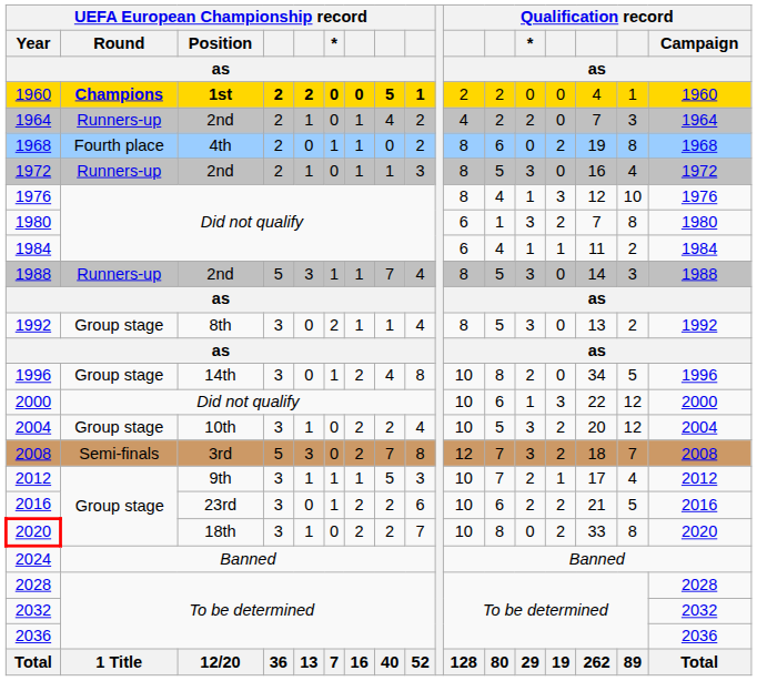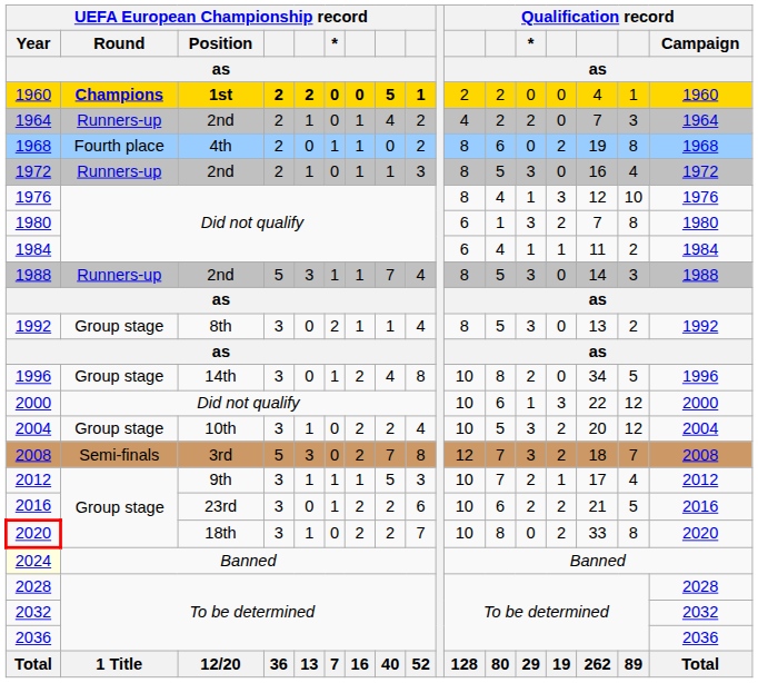 <table class="wikitable" style="text-align: center;">
 <tr>
 <th colspan=9><a href='#'>UEFA European Championship</a> record</th>
 <th style="width:1%;" rowspan="39"></th>
 <th colspan=7><a href='#'>Qualification</a> record</th>
 </tr>
 <tr>
 <th>Year</th>
 <th>Round</th>
 <th>Position</th>
 <th></th>
 <th></th>
 <th>*</th>
 <th></th>
 <th></th>
 <th></th>
 <th></th>
 <th></th>
 <th>*</th>
 <th></th>
 <th></th>
 <th></th>
 <th>Campaign</th>
 </tr>
 <tr>
 <th colspan=9>as </th>
 <th colspan=7>as </th>
 </tr>
 <tr bgcolor="gold">
 <td> <a href='#'>1960</a></td>
 <td><strong><a href='#'>Champions</a></strong></td>
 <td><strong>1st</strong></td>
 <td><strong>2</strong></td>
 <td><strong>2</strong></td>
 <td><strong>0</strong></td>
 <td><strong>0</strong></td>
 <td><strong>5</strong></td>
 <td><strong>1</strong></td>
 <td>2</td>
 <td>2</td>
 <td>0</td>
 <td>0</td>
 <td>4</td>
 <td>1</td>
 <td><a href='#'>1960</a></td>
 </tr>
 <tr bgcolor="silver">
 <td> <a href='#'>1964</a></td>
 <td><a href='#'>Runners-up</a></td>
 <td>2nd</td>
 <td>2</td>
 <td>1</td>
 <td>0</td>
 <td>1</td>
 <td>4</td>
 <td>2</td>
 <td>4</td>
 <td>2</td>
 <td>2</td>
 <td>0</td>
 <td>7</td>
 <td>3</td>
 <td><a href='#'>1964</a></td>
 </tr>
 <tr style="background:#9acdff;">
 <td> <a href='#'>1968</a></td>
 <td>Fourth place</td>
 <td>4th</td>
 <td>2</td>
 <td>0</td>
 <td>1</td>
 <td>1</td>
 <td>0</td>
 <td>2</td>
 <td>8</td>
 <td>6</td>
 <td>0</td>
 <td>2</td>
 <td>19</td>
 <td>8</td>
 <td><a href='#'>1968</a></td>
 </tr>
 <tr bgcolor="silver">
 <td> <a href='#'>1972</a></td>
 <td><a href='#'>Runners-up</a></td>
 <td>2nd</td>
 <td>2</td>
 <td>1</td>
 <td>0</td>
 <td>1</td>
 <td>1</td>
 <td>3</td>
 <td>8</td>
 <td>5</td>
 <td>3</td>
 <td>0</td>
 <td>16</td>
 <td>4</td>
 <td><a href='#'>1972</a></td>
 </tr>
 <tr>
 <td> <a href='#'>1976</a></td>
 <td rowspan=3 colspan=9><em>Did not qualify</em></td>
 <td>8</td>
 <td>4</td>
 <td>1</td>
 <td>3</td>
 <td>12</td>
 <td>10</td>
 <td><a href='#'>1976</a></td>
 </tr>
 <tr>
 <td> <a href='#'>1980</a></td>
 <td>6</td>
 <td>1</td>
 <td>3</td>
 <td>2</td>
 <td>7</td>
 <td>8</td>
 <td><a href='#'>1980</a></td>
 </tr>
 <tr>
 <td> <a href='#'>1984</a></td>
 <td>6</td>
 <td>4</td>
 <td>1</td>
 <td>1</td>
 <td>11</td>
 <td>2</td>
 <td><a href='#'>1984</a></td>
 </tr>
 <tr bgcolor="silver">
 <td> <a href='#'>1988</a></td>
 <td><a href='#'>Runners-up</a></td>
 <td>2nd</td>
 <td>5</td>
 <td>3</td>
 <td>1</td>
 <td>1</td>
 <td>7</td>
 <td>4</td>
 <td>8</td>
 <td>5</td>
 <td>3</td>
 <td>0</td>
 <td>14</td>
 <td>3</td>
 <td><a href='#'>1988</a></td>
 </tr>
 <tr>
 <th colspan=9>as </th>
 <th colspan=7>as </th>
 </tr>
 <tr>
 <td> <a href='#'>1992</a></td>
 <td>Group stage</td>
 <td>8th</td>
 <td>3</td>
 <td>0</td>
 <td>2</td>
 <td>1</td>
 <td>1</td>
 <td>4</td>
 <td>8</td>
 <td>5</td>
 <td>3</td>
 <td>0</td>
 <td>13</td>
 <td>2</td>
 <td><a href='#'>1992</a></td>
 </tr>
 <tr>
 <th colspan=9>as </th>
 <th colspan=7>as </th>
 </tr>
 <tr>
 <td> <a href='#'>1996</a></td>
 <td>Group stage</td>
 <td>14th</td>
 <td>3</td>
 <td>0</td>
 <td>1</td>
 <td>2</td>
 <td>4</td>
 <td>8</td>
 <td>10</td>
 <td>8</td>
 <td>2</td>
 <td>0</td>
 <td>34</td>
 <td>5</td>
 <td><a href='#'>1996</a></td>
 </tr>
 <tr>
 <td>  <a href='#'>2000</a></td>
 <td colspan=8><em>Did not qualify</em></td>
 <td>10</td>
 <td>6</td>
 <td>1</td>
 <td>3</td>
 <td>22</td>
 <td>12</td>
 <td><a href='#'>2000</a></td>
 </tr>
 <tr>
 <td> <a href='#'>2004</a></td>
 <td>Group stage</td>
 <td>10th</td>
 <td>3</td>
 <td>1</td>
 <td>0</td>
 <td>2</td>
 <td>2</td>
 <td>4</td>
 <td>10</td>
 <td>5</td>
 <td>3</td>
 <td>2</td>
 <td>20</td>
 <td>12</td>
 <td><a href='#'>2004</a></td>
 </tr>
 <tr bgcolor=cc9966>
 <td>  <a href='#'>2008</a></td>
 <td>Semi-finals</td>
 <td>3rd</td>
 <td>5</td>
 <td>3</td>
 <td>0</td>
 <td>2</td>
 <td>7</td>
 <td>8</td>
 <td>12</td>
 <td>7</td>
 <td>3</td>
 <td>2</td>
 <td>18</td>
 <td>7</td>
 <td><a href='#'>2008</a></td>
 </tr>
 <tr>
 <td>  <a href='#'>2012</a></td>
 <td rowspan="3">Group stage</td>
 <td>9th</td>
 <td>3</td>
 <td>1</td>
 <td>1</td>
 <td>1</td>
 <td>5</td>
 <td>3</td>
 <td>10</td>
 <td>7</td>
 <td>2</td>
 <td>1</td>
 <td>17</td>
 <td>4</td>
 <td><a href='#'>2012</a></td>
 </tr>
 <tr>
 <td> <a href='#'>2016</a></td>
 <td>23rd</td>
 <td>3</td>
 <td>0</td>
 <td>1</td>
 <td>2</td>
 <td>2</td>
 <td>6</td>
 <td>10</td>
 <td>6</td>
 <td>2</td>
 <td>2</td>
 <td>21</td>
 <td>5</td>
 <td><a href='#'>2016</a></td>
 </tr>
 <tr>
 <td style="border: 3px solid red"> <a href='#'>2020</a></td>
 <td>18th</td>
 <td>3</td>
 <td>1</td>
 <td>0</td>
 <td>2</td>
 <td>2</td>
 <td>7</td>
 <td>10</td>
 <td>8</td>
 <td>0</td>
 <td>2</td>
 <td>33</td>
 <td>8</td>
 <td><a href='#'>2020</a></td>
 </tr>
 <tr>
-<td> <a href='#'>2024</a></td>
+<td style="background: lightyellow;"> <a href='#'>2024</a></td>
 <td colspan=8><em>Banned</em></td>
 <td colspan=7><em>Banned</em></td>
 </tr>
 <tr>
 <td>  <a href='#'>2028</a></td>
 <td colspan=9 rowspan=3><em>To be determined</em></td>
 <td colspan=6 rowspan=3><em>To be determined</em></td>
 <td><a href='#'>2028</a></td>
 </tr>
 <tr>
 <td>  <a href='#'>2032</a></td>
 <td><a href='#'>2032</a></td>
 </tr>
 <tr>
 <td> <a href='#'>2036</a></td>
 <td><a href='#'>2036</a></td>
 </tr>
 <tr>
 <th>Total</th>
 <th>1 Title</th>
 <th>12/20</th>
 <th>36</th>
 <th>13</th>
 <th>7</th>
 <th>16</th>
 <th>40</th>
 <th>52</th>
 <th>128</th>
 <th>80</th>
 <th>29</th>
 <th>19</th>
 <th>262</th>
 <th>89</th>
 <th>Total</th>
 </tr>
 </table>
